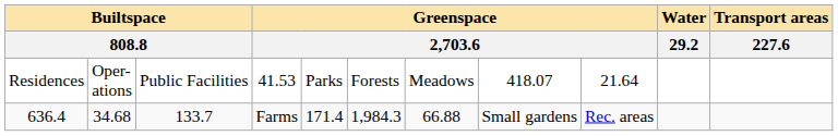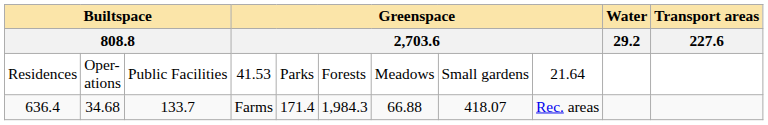 <table class=wikitable align=center style="margin-left:0em;">
 <tr --- style="background:#FBE5A9">
 <td colspan="3" align="center"><strong>Builtspace</strong></td>
 <td colspan="6" align="center"><strong>Greenspace</strong></td>
 <td align="center"><strong>Water</strong></td>
 <td align="center"><strong>Transport areas</strong></td>
 </tr>
 <tr --- style="background:#FFFFFF">
 <th colspan="3" align="center">808.8</th>
 <th colspan="6" align="center">2,703.6</th>
 <th align="center">29.2</th>
 <th align="center">227.6</th>
 </tr>
 <tr --- style="background:#FFFFFF">
 <td>Residences</td>
 <td>Oper-<br>ations</td>
 <td>Public Facilities</td>
 <td align="center">41.53</td>
 <td>Parks</td>
 <td>Forests</td>
 <td>Meadows</td>
-<td align="center">418.07</td>
+<td>Small gardens</td>
 <td align="center">21.64</td>
 <td></td>
 <td></td>
 </tr>
 <tr --->
 <td align="center">636.4</td>
 <td align="center">34.68</td>
 <td align="center">133.7</td>
 <td>Farms</td>
 <td align="center">171.4</td>
 <td align="center">1,984.3</td>
 <td align="center">66.88</td>
-<td>Small gardens</td>
+<td align="center">418.07</td>
 <td><a href='#'>Rec.</a> areas</td>
 <td></td>
 <td></td>
 </tr>
 </table>
